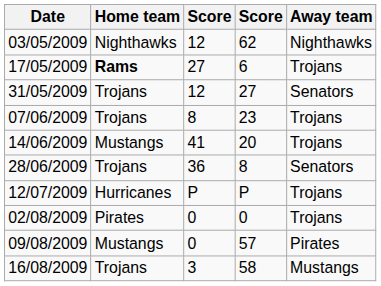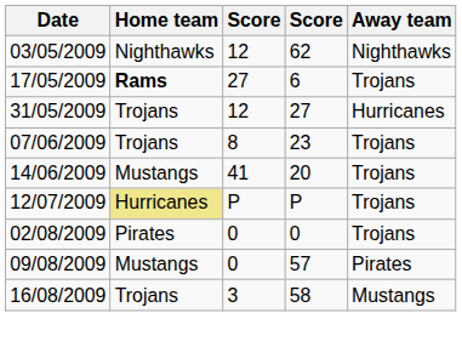 <table class="wikitable" style="text-alight:left">
 <tr>
 <th>Date</th>
 <th>Home team</th>
 <th>Score</th>
 <th>Score</th>
 <th>Away team</th>
 </tr>
 <tr>
 <td>03/05/2009</td>
 <td>Nighthawks</td>
 <td>12</td>
 <td>62</td>
 <td>Nighthawks</td>
 </tr>
 <tr>
 <td>17/05/2009</td>
 <td><strong>Rams</strong></td>
 <td>27</td>
 <td>6</td>
 <td>Trojans</td>
 </tr>
 <tr>
 <td>31/05/2009</td>
 <td>Trojans</td>
 <td>12</td>
 <td>27</td>
-<td>Senators</td>
+<td>Hurricanes</td>
 </tr>
 <tr>
 <td>07/06/2009</td>
 <td>Trojans</td>
 <td>8</td>
 <td>23</td>
 <td>Trojans</td>
 </tr>
 <tr>
 <td>14/06/2009</td>
 <td>Mustangs</td>
 <td>41</td>
 <td>20</td>
 <td>Trojans</td>
 </tr>
 <tr>
-<td>28/06/2009</td>
-<td>Trojans</td>
-<td>36</td>
-<td>8</td>
-<td>Senators</td>
-</tr>
-<tr>
 <td>12/07/2009</td>
-<td>Hurricanes</td>
+<td style="background: khaki;">Hurricanes</td>
 <td>P</td>
 <td>P</td>
 <td>Trojans</td>
 </tr>
 <tr>
 <td>02/08/2009</td>
 <td>Pirates</td>
 <td>0</td>
 <td>0</td>
 <td>Trojans</td>
 </tr>
 <tr>
 <td>09/08/2009</td>
 <td>Mustangs</td>
 <td>0</td>
 <td>57</td>
 <td>Pirates</td>
 </tr>
 <tr>
 <td>16/08/2009</td>
 <td>Trojans</td>
 <td>3</td>
 <td>58</td>
 <td>Mustangs</td>
 </tr>
 </table>
